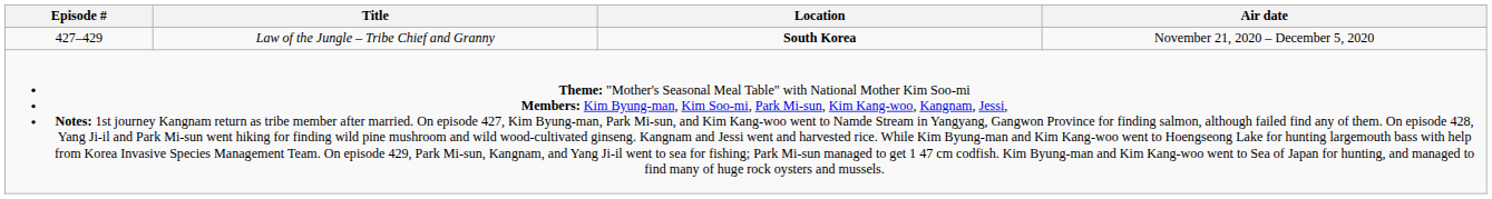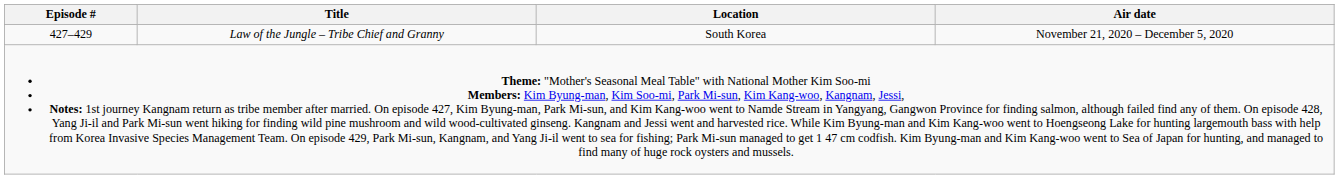 <table class="wikitable" style="text-align:center; font-size:90%; width:100%;">
 <tr>
 <th width="10%">Episode #</th>
 <th width="30%">Title</th>
 <th width="30%">Location</th>
 <th width="30%">Air date</th>
 </tr>
 <tr>
 <td>427–429</td>
 <td><em>Law of the Jungle – Tribe Chief and Granny</em></td>
-<td><strong>South Korea</strong></td>
+<td>South Korea</td>
 <td>November 21, 2020 – December 5, 2020</td>
 </tr>
 <tr>
 <td colspan="4"><br><ul><li><strong>Theme:</strong> "Mother's Seasonal Meal Table" with National Mother Kim Soo-mi</li><li><strong>Members:</strong> <a href='#'>Kim Byung-man</a>, <a href='#'>Kim Soo-mi</a>, <a href='#'>Park Mi-sun</a>, <a href='#'>Kim Kang-woo</a>, <a href='#'>Kangnam</a>, <a href='#'>Jessi</a>, </li><li><strong>Notes:</strong> 1st journey Kangnam return as tribe member after married. On episode 427, Kim Byung-man, Park Mi-sun, and Kim Kang-woo went to Namde Stream in Yangyang, Gangwon Province for finding salmon, although failed find any of them. On episode 428, Yang Ji-il and Park Mi-sun went hiking for finding wild pine mushroom and wild wood-cultivated ginseng. Kangnam and Jessi went and harvested rice. While Kim Byung-man and Kim Kang-woo went to Hoengseong Lake for hunting largemouth bass with help from Korea Invasive Species Management Team. On episode 429, Park Mi-sun, Kangnam, and Yang Ji-il went to sea for fishing; Park Mi-sun managed to get 1 47 cm codfish. Kim Byung-man and Kim Kang-woo went to Sea of Japan for hunting, and managed to find many of huge rock oysters and mussels.</li></ul></td>
 </tr>
 </table>
